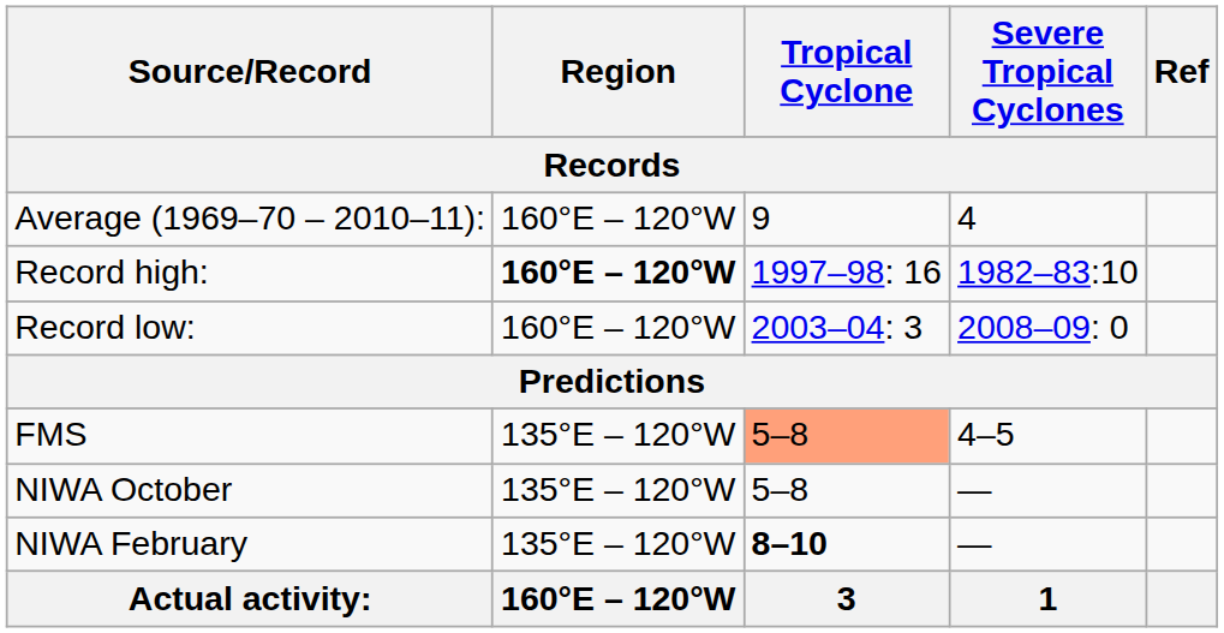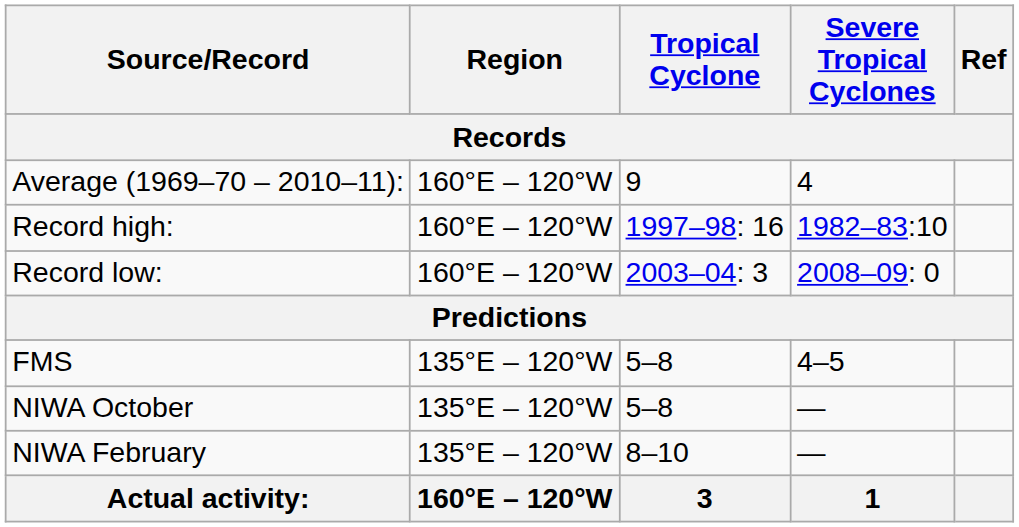 <table class="wikitable" style="float:right">
 <tr>
 <th>Source/Record</th>
 <th>Region</th>
 <th><a href='#'>Tropical<br>Cyclone</a></th>
 <th><a href='#'>Severe<br>Tropical<br>Cyclones</a></th>
 <th>Ref</th>
 </tr>
 <tr>
 <th colspan=5>Records</th>
 </tr>
 <tr>
 <td>Average (1969–70 – 2010–11):</td>
 <td>160°E – 120°W</td>
 <td>9</td>
 <td>4</td>
 <td></td>
 </tr>
 <tr>
 <td>Record high:</td>
-<td><strong>160°E – 120°W</strong></td>
+<td>160°E – 120°W</td>
 <td><a href='#'>1997–98</a>: 16</td>
 <td><a href='#'>1982–83</a>:10</td>
 <td></td>
 </tr>
 <tr>
 <td>Record low:</td>
 <td>160°E – 120°W</td>
 <td><a href='#'>2003–04</a>: 3</td>
 <td><a href='#'>2008–09</a>: 0</td>
 <td></td>
 </tr>
 <tr>
 <th colspan=5>Predictions</th>
 </tr>
 <tr>
 <td>FMS</td>
 <td>135°E – 120°W</td>
-<td style="background: lightsalmon;">5–8</td>
+<td>5–8</td>
 <td>4–5</td>
 <td></td>
 </tr>
 <tr>
 <td>NIWA October</td>
 <td>135°E – 120°W</td>
 <td>5–8</td>
 <td>—</td>
 <td></td>
 </tr>
 <tr>
 <td>NIWA February</td>
 <td>135°E – 120°W</td>
-<td><strong>8–10</strong></td>
+<td>8–10</td>
 <td>—</td>
 <td></td>
 </tr>
 <tr>
 <th>Actual activity:</th>
 <th>160°E – 120°W</th>
 <th>3</th>
 <th>1</th>
 <th></th>
 </tr>
 </table>
